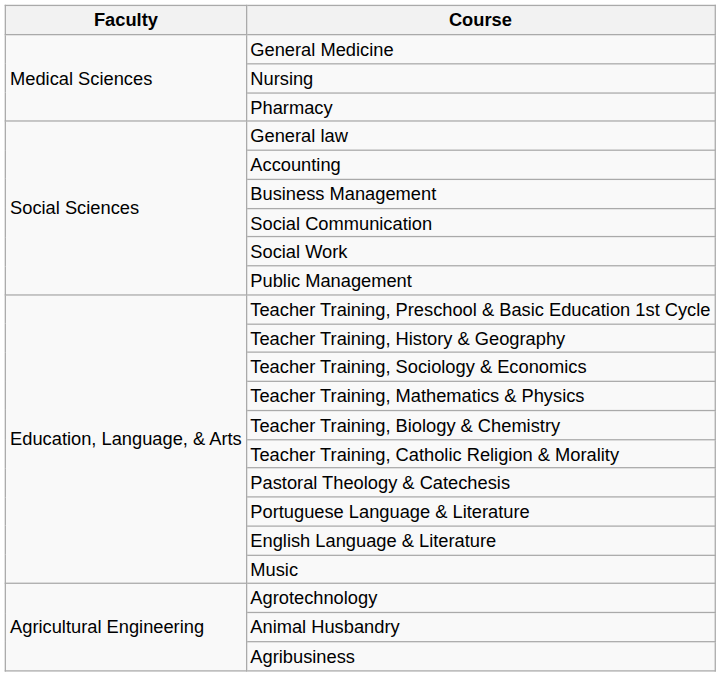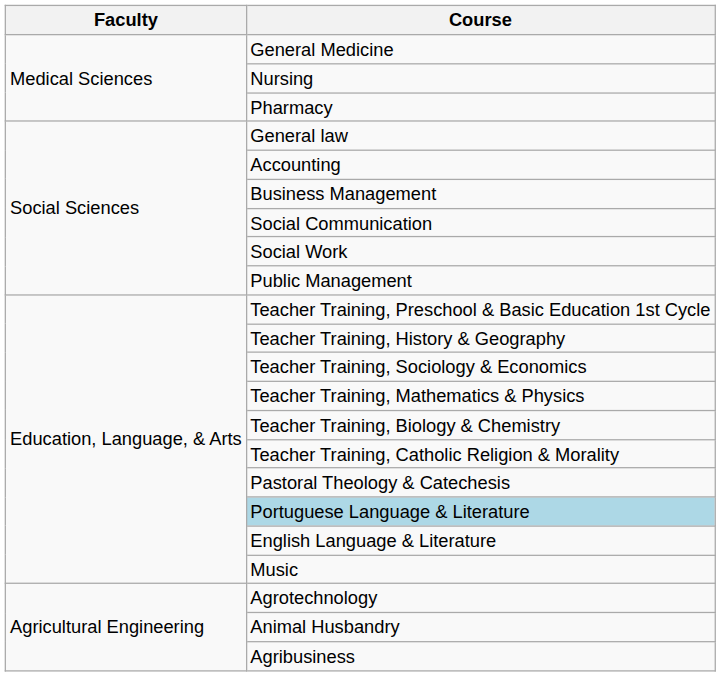 <table class="wikitable sortable" style="float:right; font-size:90%; margin-left:1em; text-align:left">
 <tr>
 <th>Faculty</th>
 <th>Course</th>
 </tr>
 <tr>
 <td rowspan="3" style="text-align:left">Medical Sciences</td>
 <td>General Medicine</td>
 </tr>
 <tr>
 <td>Nursing</td>
 </tr>
 <tr>
 <td>Pharmacy</td>
 </tr>
 <tr>
 <td rowspan="6" style="text-align:left">Social Sciences</td>
 <td>General law</td>
 </tr>
 <tr>
 <td>Accounting</td>
 </tr>
 <tr>
 <td>Business Management</td>
 </tr>
 <tr>
 <td>Social Communication</td>
 </tr>
 <tr>
 <td>Social Work</td>
 </tr>
 <tr>
 <td>Public Management</td>
 </tr>
 <tr>
 <td rowspan="10" style="text-align:left">Education, Language, & Arts</td>
 <td>Teacher Training, Preschool & Basic Education 1st Cycle</td>
 </tr>
 <tr>
 <td>Teacher Training, History & Geography</td>
 </tr>
 <tr>
 <td>Teacher Training, Sociology & Economics</td>
 </tr>
 <tr>
 <td>Teacher Training, Mathematics & Physics</td>
 </tr>
 <tr>
 <td>Teacher Training, Biology & Chemistry</td>
 </tr>
 <tr>
 <td>Teacher Training, Catholic Religion & Morality</td>
 </tr>
 <tr>
 <td>Pastoral Theology & Catechesis</td>
 </tr>
 <tr>
-<td>Portuguese Language & Literature</td>
+<td style="background: lightblue;">Portuguese Language & Literature</td>
 </tr>
 <tr>
 <td>English Language & Literature</td>
 </tr>
 <tr>
 <td>Music</td>
 </tr>
 <tr>
 <td rowspan="3" style="text-align:left">Agricultural Engineering</td>
 <td>Agrotechnology</td>
 </tr>
 <tr>
 <td>Animal Husbandry</td>
 </tr>
 <tr>
 <td>Agribusiness</td>
 </tr>
 </table>
